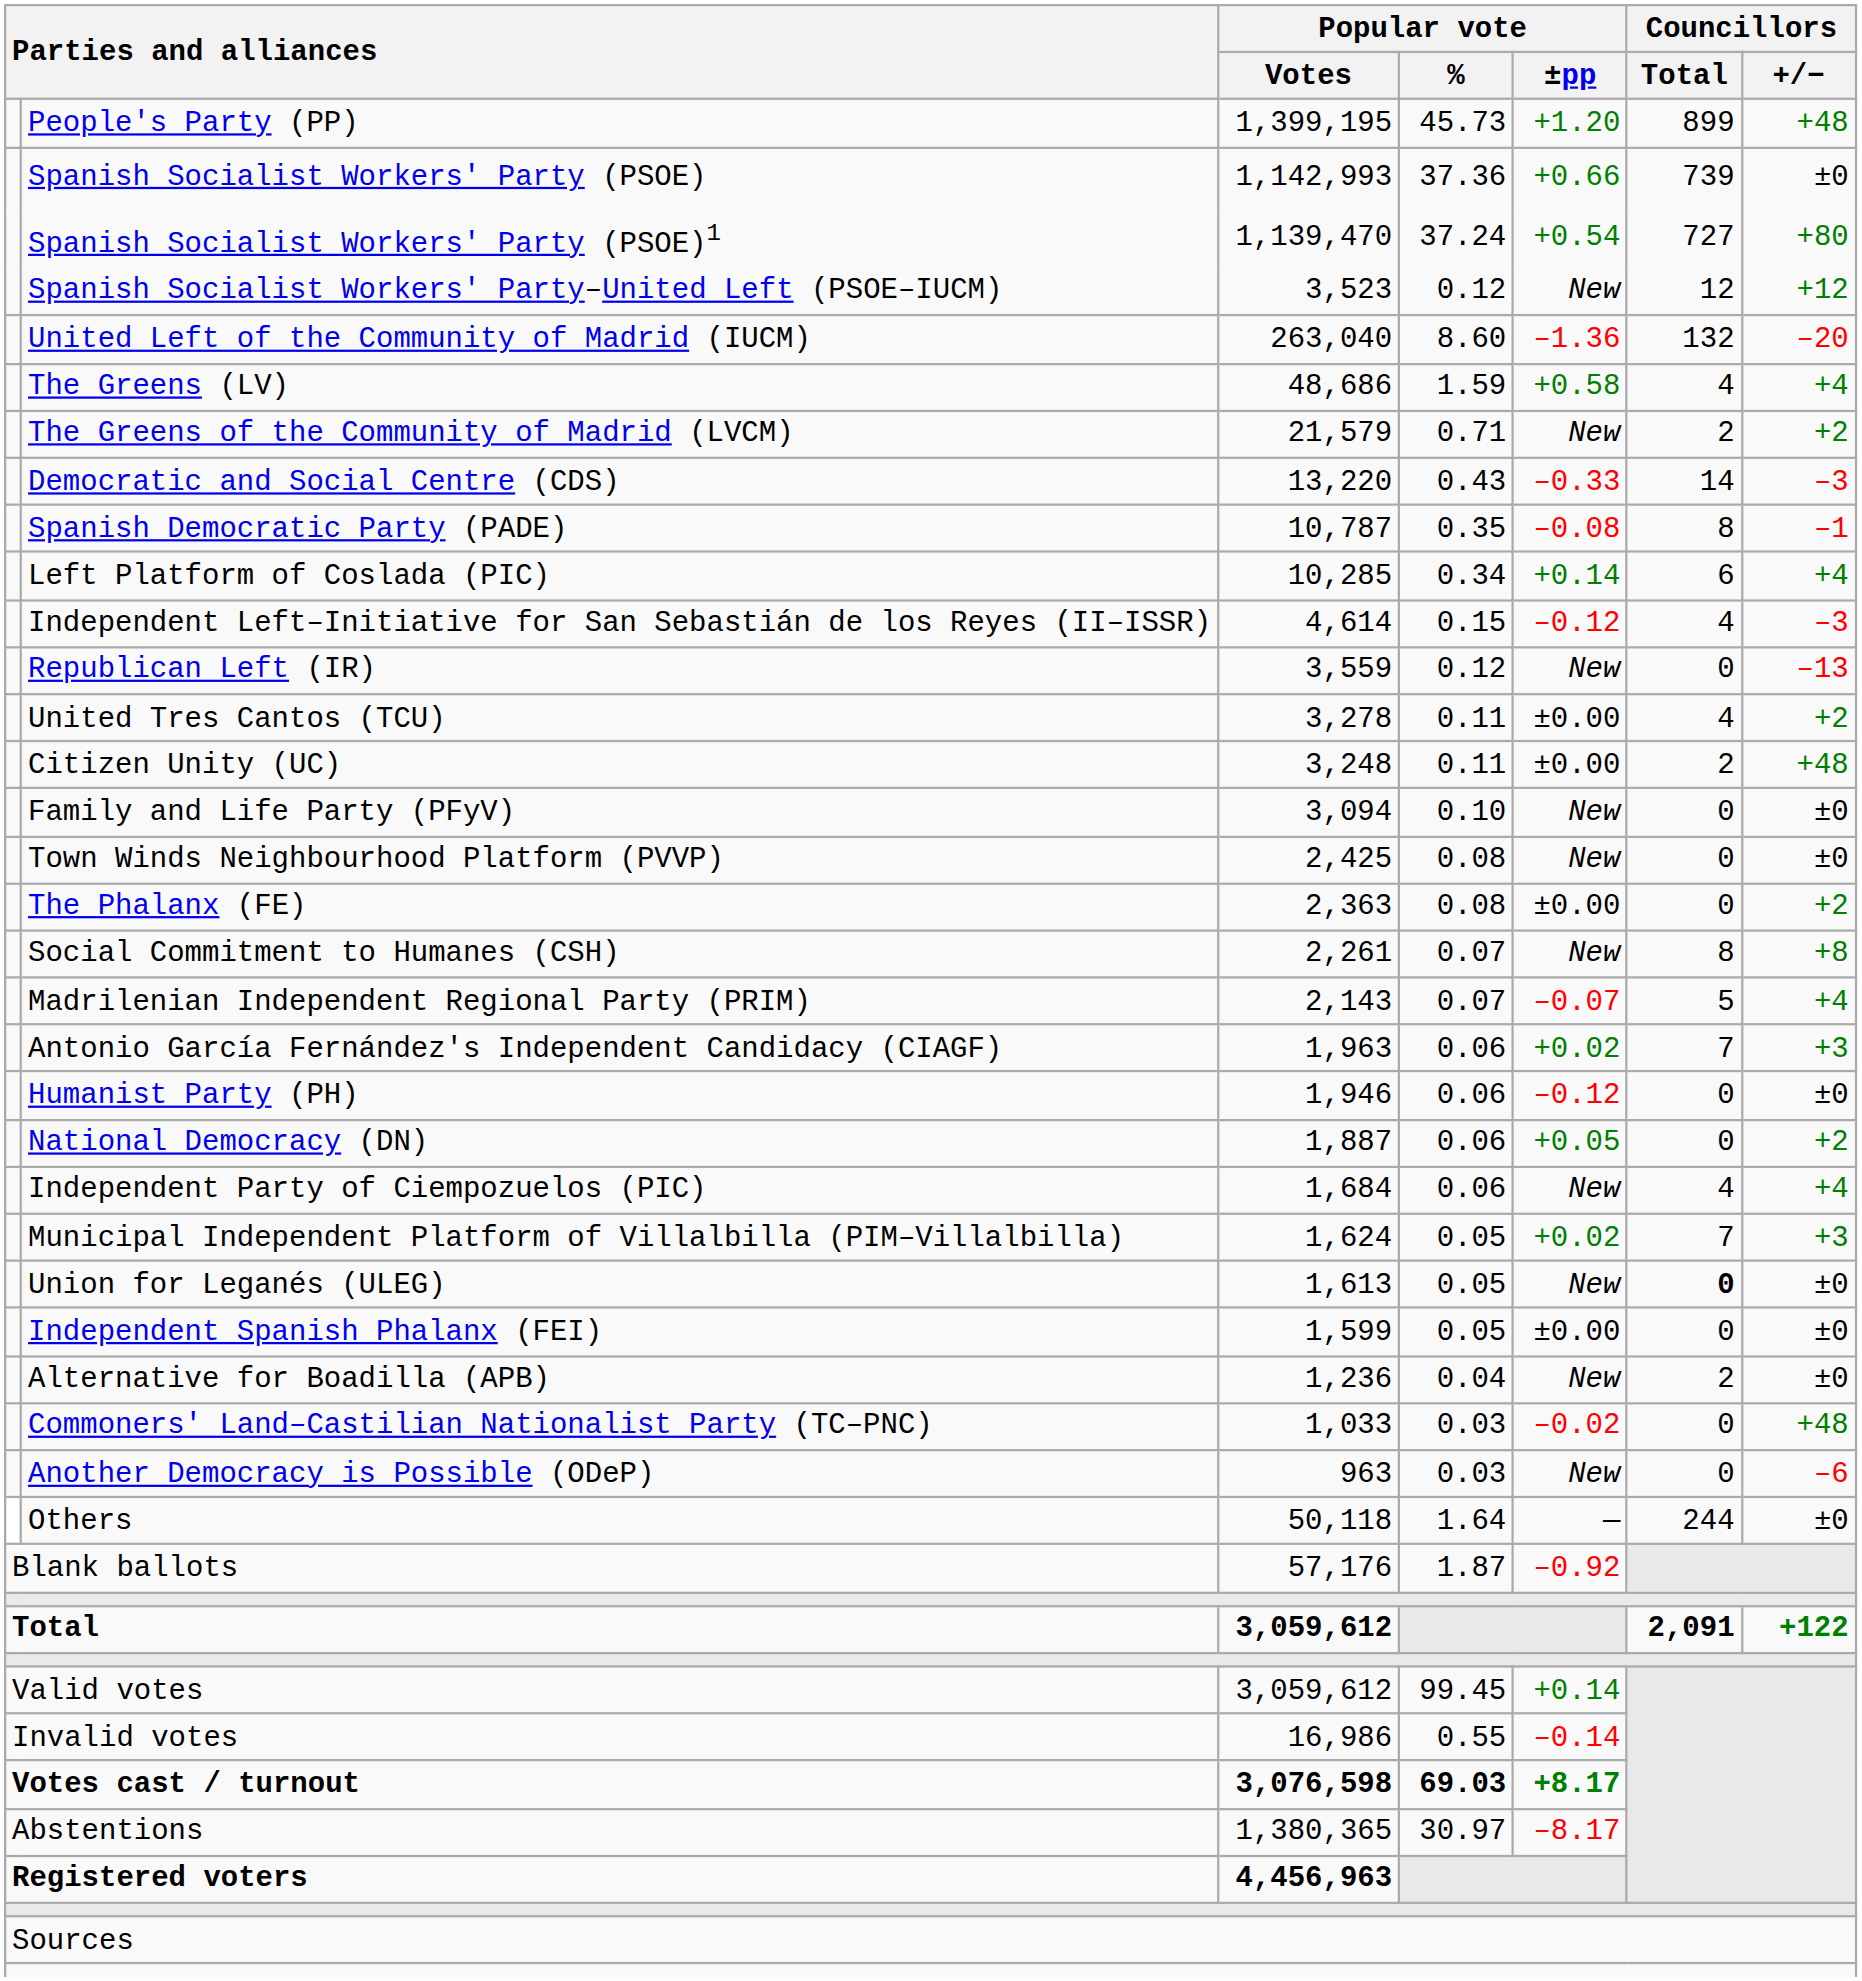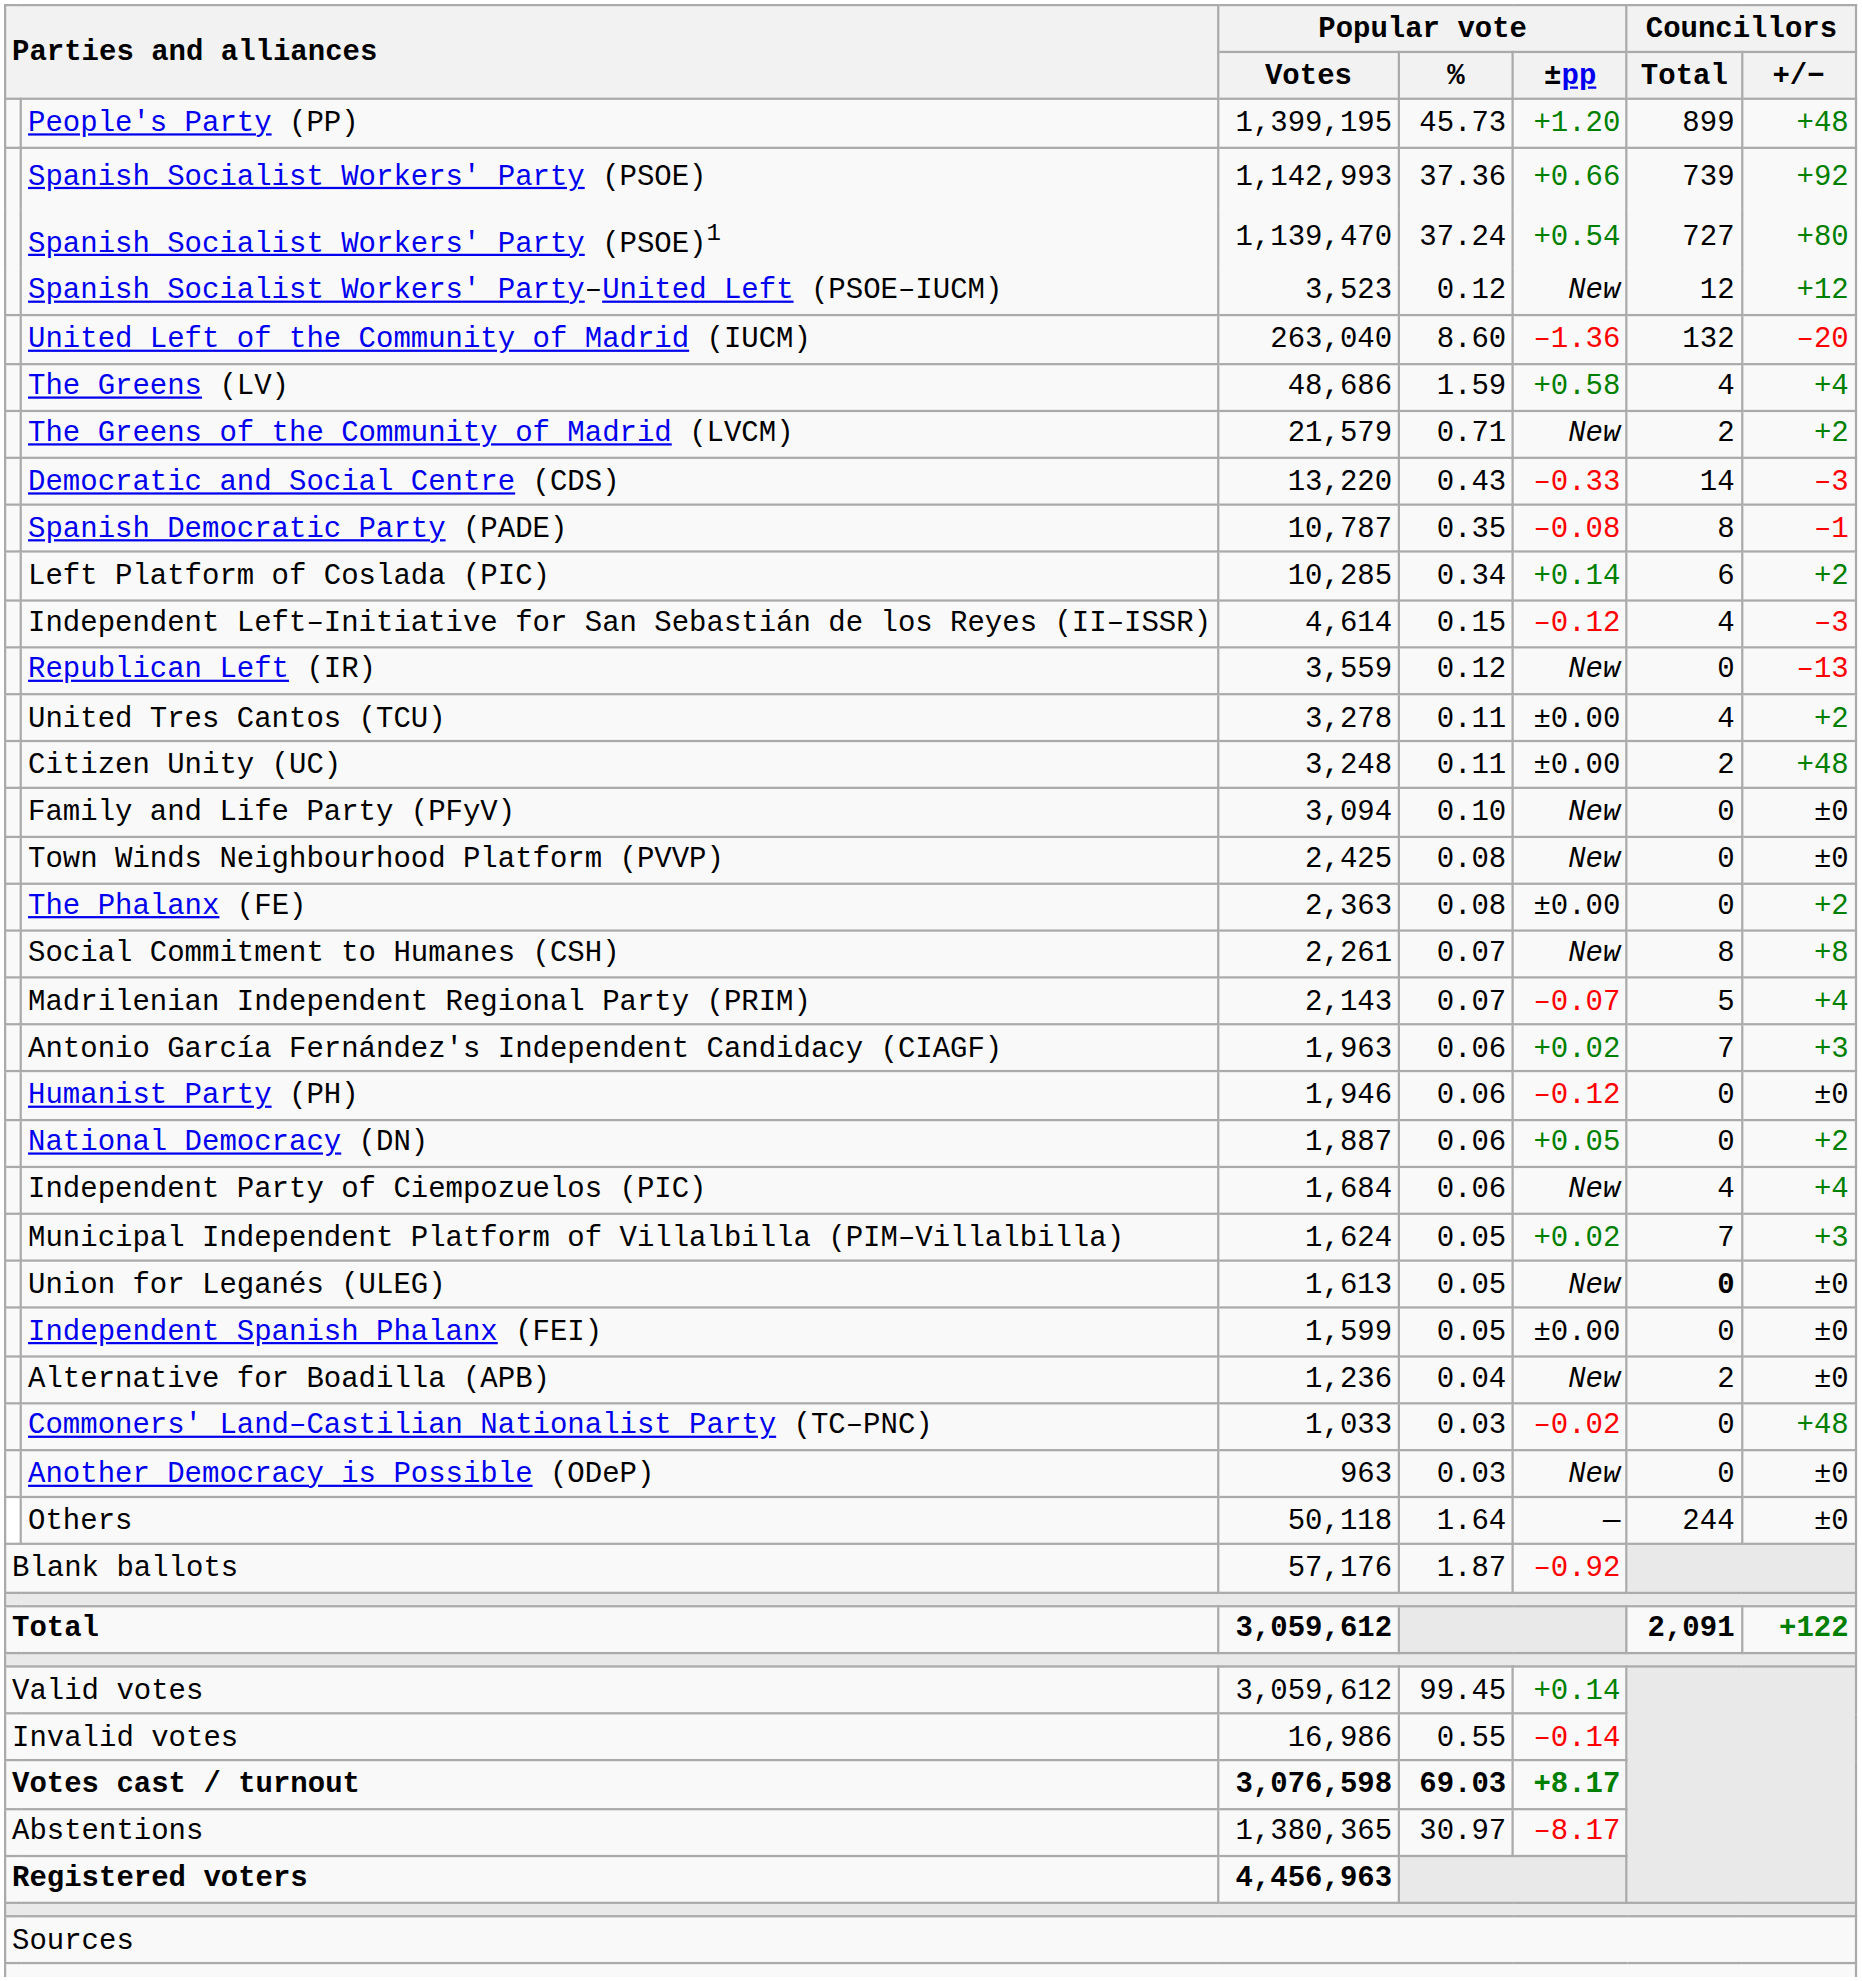 <table class="wikitable" style="text-align:right;">
 <tr>
 <th style="text-align:left;" rowspan="2" colspan="2" width="525">Parties and alliances</th>
 <th colspan="3">Popular vote</th>
 <th colspan="2">Councillors</th>
 </tr>
 <tr>
 <th width="75">Votes</th>
 <th width="45">%</th>
 <th width="45">±<a href='#'>pp</a></th>
 <th width="45">Total</th>
 <th width="45">+/−</th>
 </tr>
 <tr>
 <td width="1" style="color:inherit;background:"></td>
 <td align="left"><a href='#'>People's Party</a> (PP)</td>
 <td>1,399,195</td>
 <td>45.73</td>
 <td style="color:green;">+1.20</td>
 <td>899</td>
 <td style="color:green;">+48</td>
 </tr>
 <tr style="line-height:22px;">
 <td rowspan="3" style="color:inherit;background:"></td>
 <td align="left"><a href='#'>Spanish Socialist Workers' Party</a> (PSOE)</td>
 <td>1,142,993</td>
 <td>37.36</td>
 <td style="color:green;">+0.66</td>
 <td>739</td>
-<td>±0</td>
+<td style="color:green;">+92</td>
 </tr>
 <tr style="border-bottom-style:hidden; border-top-style:hidden; line-height:16px;">
 <td align="left"><span><a href='#'>Spanish Socialist Workers' Party</a> (PSOE)<sup>1</sup></span></td>
 <td>1,139,470</td>
 <td>37.24</td>
 <td style="color:green;">+0.54</td>
 <td>727</td>
 <td style="color:green;">+80</td>
 </tr>
 <tr style="line-height:16px;">
 <td align="left"><span><a href='#'>Spanish Socialist Workers' Party</a>–<a href='#'>United Left</a> (PSOE–IUCM)</span></td>
 <td>3,523</td>
 <td>0.12</td>
 <td><em>New</em></td>
 <td>12</td>
 <td style="color:green;">+12</td>
 </tr>
 <tr>
 <td style="color:inherit;background:"></td>
 <td align="left"><a href='#'>United Left of the Community of Madrid</a> (IUCM)</td>
 <td>263,040</td>
 <td>8.60</td>
 <td style="color:red;">–1.36</td>
 <td>132</td>
 <td style="color:red;">–20</td>
 </tr>
 <tr>
 <td style="color:inherit;background:"></td>
 <td align="left"><a href='#'>The Greens</a> (LV)</td>
 <td>48,686</td>
 <td>1.59</td>
 <td style="color:green;">+0.58</td>
 <td>4</td>
 <td style="color:green;">+4</td>
 </tr>
 <tr>
 <td style="color:inherit;background:"></td>
 <td align="left"><a href='#'>The Greens of the Community of Madrid</a> (LVCM)</td>
 <td>21,579</td>
 <td>0.71</td>
 <td><em>New</em></td>
 <td>2</td>
 <td style="color:green;">+2</td>
 </tr>
 <tr>
 <td style="color:inherit;background:"></td>
 <td align="left"><a href='#'>Democratic and Social Centre</a> (CDS)</td>
 <td>13,220</td>
 <td>0.43</td>
 <td style="color:red;">–0.33</td>
 <td>14</td>
 <td style="color:red;">–3</td>
 </tr>
 <tr>
 <td style="color:inherit;background:"></td>
 <td align="left"><a href='#'>Spanish Democratic Party</a> (PADE)</td>
 <td>10,787</td>
 <td>0.35</td>
 <td style="color:red;">–0.08</td>
 <td>8</td>
 <td style="color:red;">–1</td>
 </tr>
 <tr>
 <td style="color:inherit;background:"></td>
 <td align="left">Left Platform of Coslada (PIC)</td>
 <td>10,285</td>
 <td>0.34</td>
 <td style="color:green;">+0.14</td>
 <td>6</td>
-<td style="color:green;">+4</td>
+<td style="color:green;">+2</td>
 </tr>
 <tr>
 <td style="color:inherit;background:"></td>
 <td align="left">Independent Left–Initiative for San Sebastián de los Reyes (II–ISSR)</td>
 <td>4,614</td>
 <td>0.15</td>
 <td style="color:red;">–0.12</td>
 <td>4</td>
 <td style="color:red;">–3</td>
 </tr>
 <tr>
 <td style="color:inherit;background:"></td>
 <td align="left"><a href='#'>Republican Left</a> (IR)</td>
 <td>3,559</td>
 <td>0.12</td>
 <td><em>New</em></td>
 <td>0</td>
 <td style="color:red;">–13</td>
 </tr>
 <tr>
 <td style="color:inherit;background:"></td>
 <td align="left">United Tres Cantos (TCU)</td>
 <td>3,278</td>
 <td>0.11</td>
 <td>±0.00</td>
 <td>4</td>
 <td style="color:green;">+2</td>
 </tr>
 <tr>
 <td style="color:inherit;background:"></td>
 <td align="left">Citizen Unity (UC)</td>
 <td>3,248</td>
 <td>0.11</td>
 <td>±0.00</td>
 <td>2</td>
 <td style="color:green;">+48</td>
 </tr>
 <tr>
 <td style="color:inherit;background:"></td>
 <td align="left">Family and Life Party (PFyV)</td>
 <td>3,094</td>
 <td>0.10</td>
 <td><em>New</em></td>
 <td>0</td>
 <td>±0</td>
 </tr>
 <tr>
 <td style="color:inherit;background:"></td>
 <td align="left">Town Winds Neighbourhood Platform (PVVP)</td>
 <td>2,425</td>
 <td>0.08</td>
 <td><em>New</em></td>
 <td>0</td>
 <td>±0</td>
 </tr>
 <tr>
 <td style="color:inherit;background:"></td>
 <td align="left"><a href='#'>The Phalanx</a> (FE)</td>
 <td>2,363</td>
 <td>0.08</td>
 <td>±0.00</td>
 <td>0</td>
 <td style="color:green;">+2</td>
 </tr>
 <tr>
 <td style="color:inherit;background:"></td>
 <td align="left">Social Commitment to Humanes (CSH)</td>
 <td>2,261</td>
 <td>0.07</td>
 <td><em>New</em></td>
 <td>8</td>
 <td style="color:green;">+8</td>
 </tr>
 <tr>
 <td style="color:inherit;background:"></td>
 <td align="left">Madrilenian Independent Regional Party (PRIM)</td>
 <td>2,143</td>
 <td>0.07</td>
 <td style="color:red;">–0.07</td>
 <td>5</td>
 <td style="color:green;">+4</td>
 </tr>
 <tr>
 <td style="color:inherit;background:"></td>
 <td align="left">Antonio García Fernández's Independent Candidacy (CIAGF)</td>
 <td>1,963</td>
 <td>0.06</td>
 <td style="color:green;">+0.02</td>
 <td>7</td>
 <td style="color:green;">+3</td>
 </tr>
 <tr>
 <td style="color:inherit;background:"></td>
 <td align="left"><a href='#'>Humanist Party</a> (PH)</td>
 <td>1,946</td>
 <td>0.06</td>
 <td style="color:red;">–0.12</td>
 <td>0</td>
 <td>±0</td>
 </tr>
 <tr>
 <td style="color:inherit;background:"></td>
 <td align="left"><a href='#'>National Democracy</a> (DN)</td>
 <td>1,887</td>
 <td>0.06</td>
 <td style="color:green;">+0.05</td>
 <td>0</td>
 <td style="color:green;">+2</td>
 </tr>
 <tr>
 <td style="color:inherit;background:"></td>
 <td align="left">Independent Party of Ciempozuelos (PIC)</td>
 <td>1,684</td>
 <td>0.06</td>
 <td><em>New</em></td>
 <td>4</td>
 <td style="color:green;">+4</td>
 </tr>
 <tr>
 <td style="color:inherit;background:"></td>
 <td align="left">Municipal Independent Platform of Villalbilla (PIM–Villalbilla)</td>
 <td>1,624</td>
 <td>0.05</td>
 <td style="color:green;">+0.02</td>
 <td>7</td>
 <td style="color:green;">+3</td>
 </tr>
 <tr>
 <td style="color:inherit;background:"></td>
 <td align="left">Union for Leganés (ULEG)</td>
 <td>1,613</td>
 <td>0.05</td>
 <td><em>New</em></td>
 <td><strong>0</strong></td>
 <td>±0</td>
 </tr>
 <tr>
 <td style="color:inherit;background:"></td>
 <td align="left"><a href='#'>Independent Spanish Phalanx</a> (FEI)</td>
 <td>1,599</td>
 <td>0.05</td>
 <td>±0.00</td>
 <td>0</td>
 <td>±0</td>
 </tr>
 <tr>
 <td style="color:inherit;background:"></td>
 <td align="left">Alternative for Boadilla (APB)</td>
 <td>1,236</td>
 <td>0.04</td>
 <td><em>New</em></td>
 <td>2</td>
 <td>±0</td>
 </tr>
 <tr>
 <td style="color:inherit;background:"></td>
 <td align="left"><a href='#'>Commoners' Land–Castilian Nationalist Party</a> (TC–PNC)</td>
 <td>1,033</td>
 <td>0.03</td>
 <td style="color:red;">–0.02</td>
 <td>0</td>
 <td style="color:green;">+48</td>
 </tr>
 <tr>
 <td style="color:inherit;background:"></td>
 <td align="left"><a href='#'>Another Democracy is Possible</a> (ODeP)</td>
 <td>963</td>
 <td>0.03</td>
 <td><em>New</em></td>
 <td>0</td>
-<td style="color:red;">–6</td>
+<td>±0</td>
 </tr>
 <tr>
 <td bgcolor="white"></td>
 <td align="left">Others</td>
 <td>50,118</td>
 <td>1.64</td>
 <td>—</td>
 <td>244</td>
 <td>±0</td>
 </tr>
 <tr>
 <td align="left" colspan="2">Blank ballots</td>
 <td>57,176</td>
 <td>1.87</td>
 <td style="color:red;">–0.92</td>
 <td bgcolor="#E9E9E9" colspan="2"></td>
 </tr>
 <tr>
 <td colspan="7" bgcolor="#E9E9E9"></td>
 </tr>
 <tr style="font-weight:bold;">
 <td align="left" colspan="2">Total</td>
 <td>3,059,612</td>
 <td bgcolor="#E9E9E9" colspan="2"></td>
 <td>2,091</td>
 <td style="color:green;">+122</td>
 </tr>
 <tr>
 <td colspan="7" bgcolor="#E9E9E9"></td>
 </tr>
 <tr>
 <td align="left" colspan="2">Valid votes</td>
 <td>3,059,612</td>
 <td>99.45</td>
 <td style="color:green;">+0.14</td>
 <td bgcolor="#E9E9E9" colspan="2" rowspan="5"></td>
 </tr>
 <tr>
 <td align="left" colspan="2">Invalid votes</td>
 <td>16,986</td>
 <td>0.55</td>
 <td style="color:red;">–0.14</td>
 </tr>
 <tr style="font-weight:bold;">
 <td align="left" colspan="2">Votes cast / turnout</td>
 <td>3,076,598</td>
 <td>69.03</td>
 <td style="color:green;">+8.17</td>
 </tr>
 <tr>
 <td align="left" colspan="2">Abstentions</td>
 <td>1,380,365</td>
 <td>30.97</td>
 <td style="color:red;">–8.17</td>
 </tr>
 <tr style="font-weight:bold;">
 <td align="left" colspan="2">Registered voters</td>
 <td>4,456,963</td>
 <td bgcolor="#E9E9E9" colspan="2"></td>
 </tr>
 <tr>
 <td colspan="7" bgcolor="#E9E9E9"></td>
 </tr>
 <tr>
 <td align="left" colspan="7">Sources</td>
 </tr>
 <tr>
 <td colspan="7" style="text-align:left; max-width:790px;"></td>
 </tr>
 </table>
